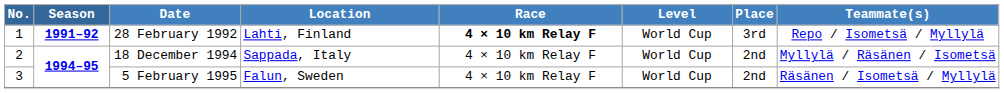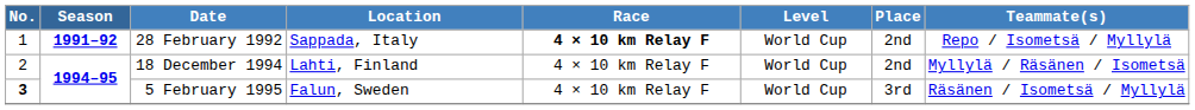 <table class="wikitable sortable" style="font-size:95%; text-align:center; border:grey solid 1px; border-collapse:collapse; background:#ffffff;">
 <tr style="background:#efefef;">
 <th style="background-color:#369; color:white;">No.</th>
 <th style="background-color:#369; color:white;">Season</th>
 <th style="background-color:#4180be; color:white; width:120px;">Date</th>
 <th style="background-color:#4180be; color:white; width:185px;">Location</th>
 <th style="background-color:#4180be; color:white; width:170px;">Race</th>
 <th style="background-color:#4180be; color:white; width:100px;">Level</th>
 <th style="background-color:#4180be; color:white;">Place</th>
 <th style="background-color:#4180be; color:white;">Teammate(s)</th>
 </tr>
 <tr>
 <td align=center>1</td>
 <td rowspan=1 align=center><strong> <a href='#'>1991–92</a> </strong></td>
 <td align=right>28 February 1992</td>
-<td align=left> <a href='#'>Lahti</a>, Finland</td>
+<td align=left> <a href='#'>Sappada</a>, Italy</td>
 <td><strong>4 × 10 km Relay F</strong></td>
 <td>World Cup</td>
-<td>3rd</td>
+<td>2nd</td>
 <td><a href='#'>Repo</a> / <a href='#'>Isometsä</a> / <a href='#'>Myllylä</a></td>
 </tr>
 <tr>
 <td align=center>2</td>
 <td rowspan=2 align=center><strong> <a href='#'>1994–95</a> </strong></td>
 <td align=right>18 December 1994</td>
-<td align=left> <a href='#'>Sappada</a>, Italy</td>
+<td align=left> <a href='#'>Lahti</a>, Finland</td>
 <td>4 × 10 km Relay F</td>
 <td>World Cup</td>
 <td>2nd</td>
 <td><a href='#'>Myllylä</a> / <a href='#'>Räsänen</a> / <a href='#'>Isometsä</a></td>
 </tr>
 <tr>
-<td align=center>3</td>
+<td align=center><strong>3</strong></td>
 <td align=right>5 February 1995</td>
 <td align=left> <a href='#'>Falun</a>, Sweden</td>
 <td>4 × 10 km Relay F</td>
 <td>World Cup</td>
-<td>2nd</td>
+<td>3rd</td>
 <td><a href='#'>Räsänen</a> / <a href='#'>Isometsä</a> / <a href='#'>Myllylä</a></td>
 </tr>
 <tr>
 </tr>
 </table>
